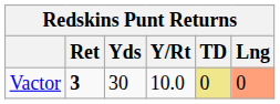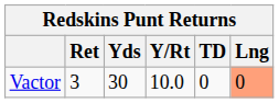 <table class="wikitable">
 <tr>
 <th colspan="6">Redskins Punt Returns</th>
 </tr>
 <tr>
 <th></th>
 <th>Ret</th>
 <th>Yds</th>
 <th>Y/Rt</th>
 <th>TD</th>
 <th>Lng</th>
 </tr>
 <tr>
 <td><a href='#'>Vactor</a></td>
-<td><strong>3</strong></td>
+<td>3</td>
 <td>30</td>
 <td>10.0</td>
-<td style="background: khaki;">0</td>
+<td>0</td>
 <td style="background: lightsalmon;">0</td>
 </tr>
 </table>
